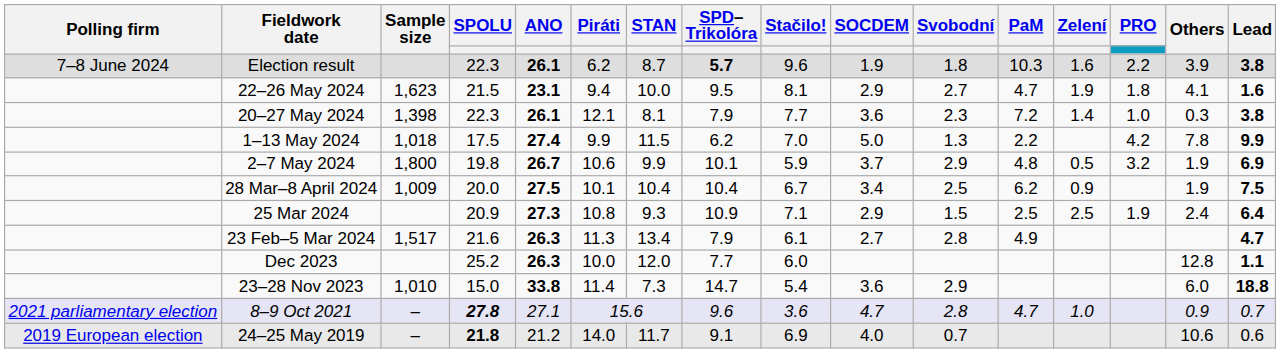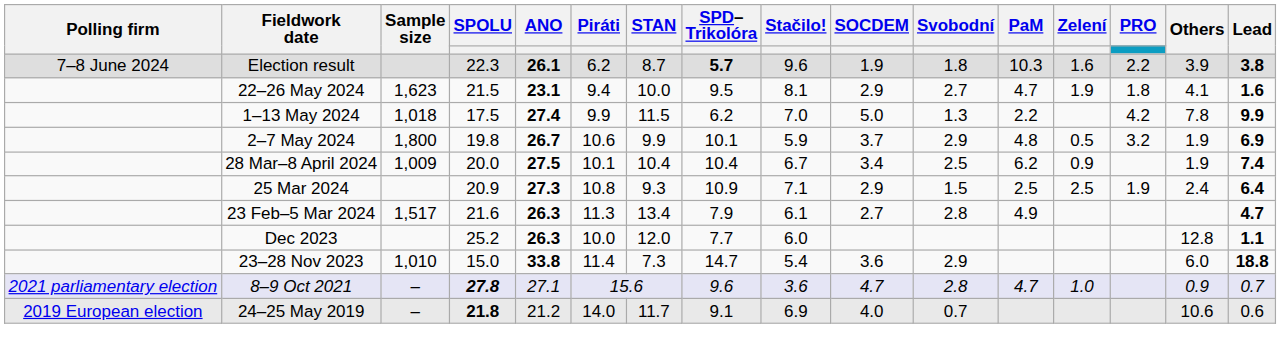 <table class="wikitable mw-collapsible sortable" style="text-align:center;font-size:90%;line-height:14px;">
 <tr>
 <th rowspan="2">Polling firm</th>
 <th rowspan="2">Fieldwork<br>date</th>
 <th rowspan="2">Sample<br>size</th>
 <th class="unsortable" style="width:40px;"><a href='#'>SPOLU</a><br></th>
 <th class="unsortable" style="width:40px;"><a href='#'>ANO</a><br></th>
 <th class="unsortable" style="width:40px;"><a href='#'>Piráti</a><br></th>
 <th class="unsortable" style="width:40px;"><a href='#'>STAN</a><br></th>
 <th class="unsortable" style="width:40px;"><a href='#'>SPD</a>–<br><a href='#'>Trikolóra</a><br></th>
 <th class="unsortable" style="width:40px;"><a href='#'>Stačilo!</a><br></th>
 <th class="unsortable" style="width:40px;"><a href='#'>SOCDEM</a><br></th>
 <th class="unsortable" style="width:40px;"><a href='#'>Svobodní</a><br></th>
 <th class="unsortable" style="width:40px;"><a href='#'>PaM</a><br></th>
 <th class="unsortable" style="width:40px;"><a href='#'>Zelení</a><br></th>
 <th class="unsortable" style="width:40px;"><a href='#'>PRO</a><br></th>
 <th rowspan="2" style="width:40px;">Others</th>
 <th rowspan="2" style="width:25px;">Lead</th>
 </tr>
 <tr>
 <th class="unsortable" style="color:inherit;background:"></th>
 <th class="unsortable" style="color:inherit;background:"></th>
 <th class="unsortable" style="color:inherit;background:"></th>
 <th class="unsortable" style="color:inherit;background:"></th>
 <th class="unsortable" style="color:inherit;background:"></th>
 <th class="unsortable" style="color:inherit;background:"></th>
 <th class="unsortable" style="color:inherit;background:"></th>
 <th class="unsortable" style="color:inherit;background:"></th>
 <th class="unsortable" style="color:inherit;background:"></th>
 <th class="unsortable" style="color:inherit;background:"></th>
 <th style="color:inherit;background:#0B9DC2;"></th>
 </tr>
 <tr style="background-color:#DEDEDE;">
 <td data-sort-value="2024-06-08">7–8 June 2024</td>
 <td>Election result</td>
 <td></td>
 <td>22.3<br></td>
 <td><strong>26.1</strong><br></td>
 <td>6.2<br></td>
 <td>8.7<br></td>
 <td><strong>5.7<br></strong></td>
 <td>9.6<br></td>
 <td>1.9<br></td>
 <td>1.8<br></td>
 <td>10.3<br></td>
 <td>1.6<br></td>
 <td>2.2<br></td>
 <td>3.9<br></td>
 <td style="background:"><strong>3.8</strong></td>
 </tr>
 <tr>
 <td></td>
 <td data-sort-value="2024-03-28">22–26 May 2024</td>
 <td>1,623</td>
 <td>21.5<br></td>
 <td><strong>23.1</strong><br></td>
 <td>9.4<br></td>
 <td>10.0<br></td>
 <td>9.5<br></td>
 <td>8.1<br></td>
 <td>2.9<br></td>
 <td>2.7<br></td>
 <td>4.7<br></td>
 <td>1.9<br></td>
 <td>1.8<br></td>
 <td>4.1<br></td>
 <td style="background:"><strong>1.6</strong></td>
 </tr>
 <tr>
 <td></td>
-<td data-sort-value="2024-03-28">20–27 May 2024</td>
-<td>1,398</td>
-<td>22.3<br></td>
-<td><strong>26.1</strong><br></td>
-<td>12.1<br></td>
-<td>8.1<br></td>
-<td>7.9<br></td>
-<td>7.7<br></td>
-<td>3.6<br></td>
-<td>2.3<br></td>
-<td>7.2<br></td>
-<td>1.4<br></td>
-<td>1.0<br></td>
-<td>0.3<br></td>
-<td style="background:"><strong>3.8</strong></td>
-</tr>
-<tr>
-<td></td>
 <td data-sort-value="2024-03-28">1–13 May 2024</td>
 <td>1,018</td>
 <td>17.5<br></td>
 <td><strong>27.4</strong><br></td>
 <td>9.9<br></td>
 <td>11.5<br></td>
 <td>6.2<br></td>
 <td>7.0<br></td>
 <td>5.0<br></td>
 <td>1.3<br></td>
 <td>2.2<br></td>
 <td></td>
 <td>4.2<br></td>
 <td>7.8<br></td>
 <td style="background:"><strong>9.9</strong></td>
 </tr>
 <tr>
 <td></td>
 <td data-sort-value="2024-03-28">2–7 May 2024</td>
 <td>1,800</td>
 <td>19.8<br></td>
 <td><strong>26.7</strong><br></td>
 <td>10.6<br></td>
 <td>9.9<br></td>
 <td>10.1<br></td>
 <td>5.9<br></td>
 <td>3.7<br></td>
 <td>2.9<br></td>
 <td>4.8<br></td>
 <td>0.5<br></td>
 <td>3.2<br></td>
 <td>1.9<br></td>
 <td style="background:"><strong>6.9</strong></td>
 </tr>
 <tr>
 <td></td>
 <td data-sort-value="2024-03-28">28 Mar–8 April 2024</td>
 <td>1,009</td>
 <td>20.0<br></td>
 <td><strong>27.5</strong><br></td>
 <td>10.1<br></td>
 <td>10.4<br></td>
 <td>10.4<br></td>
 <td>6.7<br></td>
 <td>3.4<br></td>
 <td>2.5<br></td>
 <td>6.2<br></td>
 <td>0.9<br></td>
 <td></td>
 <td>1.9<br></td>
-<td style="background:"><strong>7.5</strong></td>
+<td style="background:"><strong>7.4</strong></td>
 </tr>
 <tr>
 <td></td>
 <td data-sort-value="2024-03-25">25 Mar 2024</td>
 <td></td>
 <td>20.9</td>
 <td><strong>27.3</strong></td>
 <td>10.8</td>
 <td>9.3</td>
 <td>10.9</td>
 <td>7.1</td>
 <td>2.9</td>
 <td>1.5</td>
 <td>2.5</td>
 <td>2.5</td>
 <td>1.9</td>
 <td>2.4</td>
 <td style="background:"><strong>6.4</strong></td>
 </tr>
 <tr>
 <td></td>
 <td data-sort-value="2024-03-05">23 Feb–5 Mar 2024</td>
 <td>1,517</td>
 <td>21.6</td>
 <td><strong>26.3</strong></td>
 <td>11.3</td>
 <td>13.4</td>
 <td>7.9</td>
 <td>6.1</td>
 <td>2.7</td>
 <td>2.8</td>
 <td>4.9</td>
 <td></td>
 <td></td>
 <td></td>
 <td style="background:"><strong>4.7</strong></td>
 </tr>
 <tr>
 <td></td>
 <td data-sort-value="2023-12-07">Dec 2023</td>
 <td></td>
 <td>25.2</td>
 <td><strong>26.3</strong></td>
 <td>10.0</td>
 <td>12.0</td>
 <td>7.7</td>
 <td>6.0</td>
 <td></td>
 <td></td>
 <td></td>
 <td></td>
 <td></td>
 <td>12.8</td>
 <td style="background:"><strong>1.1</strong></td>
 </tr>
 <tr>
 <td></td>
 <td data-sort-value="2023-11-23">23–28 Nov 2023</td>
 <td>1,010</td>
 <td>15.0</td>
 <td><strong>33.8</strong></td>
 <td>11.4</td>
 <td>7.3</td>
 <td>14.7</td>
 <td>5.4</td>
 <td>3.6</td>
 <td>2.9</td>
 <td></td>
 <td></td>
 <td></td>
 <td>6.0</td>
 <td style="background:"><strong>18.8</strong></td>
 </tr>
 <tr style="background:#E5E5F5;font-style:italic;">
 <td><a href='#'>2021 parliamentary election</a></td>
 <td data-sort-value="2021-09-26">8–9 Oct 2021</td>
 <td>–</td>
 <td><strong>27.8</strong></td>
 <td>27.1</td>
 <td colspan=2>15.6</td>
 <td>9.6</td>
 <td>3.6</td>
 <td>4.7</td>
 <td>2.8</td>
 <td>4.7</td>
 <td>1.0</td>
 <td></td>
 <td>0.9</td>
 <td style="background:">0.7</td>
 </tr>
 <tr style="background:#E9E9E9;">
 <td><a href='#'>2019 European election</a></td>
 <td data-sort-value="2019-05-25">24–25 May 2019</td>
 <td>–</td>
 <td><strong>21.8</strong></td>
 <td>21.2</td>
 <td>14.0</td>
 <td>11.7</td>
 <td>9.1</td>
 <td>6.9</td>
 <td>4.0</td>
 <td>0.7</td>
 <td></td>
 <td></td>
 <td></td>
 <td>10.6</td>
 <td style="background:">0.6</td>
 </tr>
 </table>
